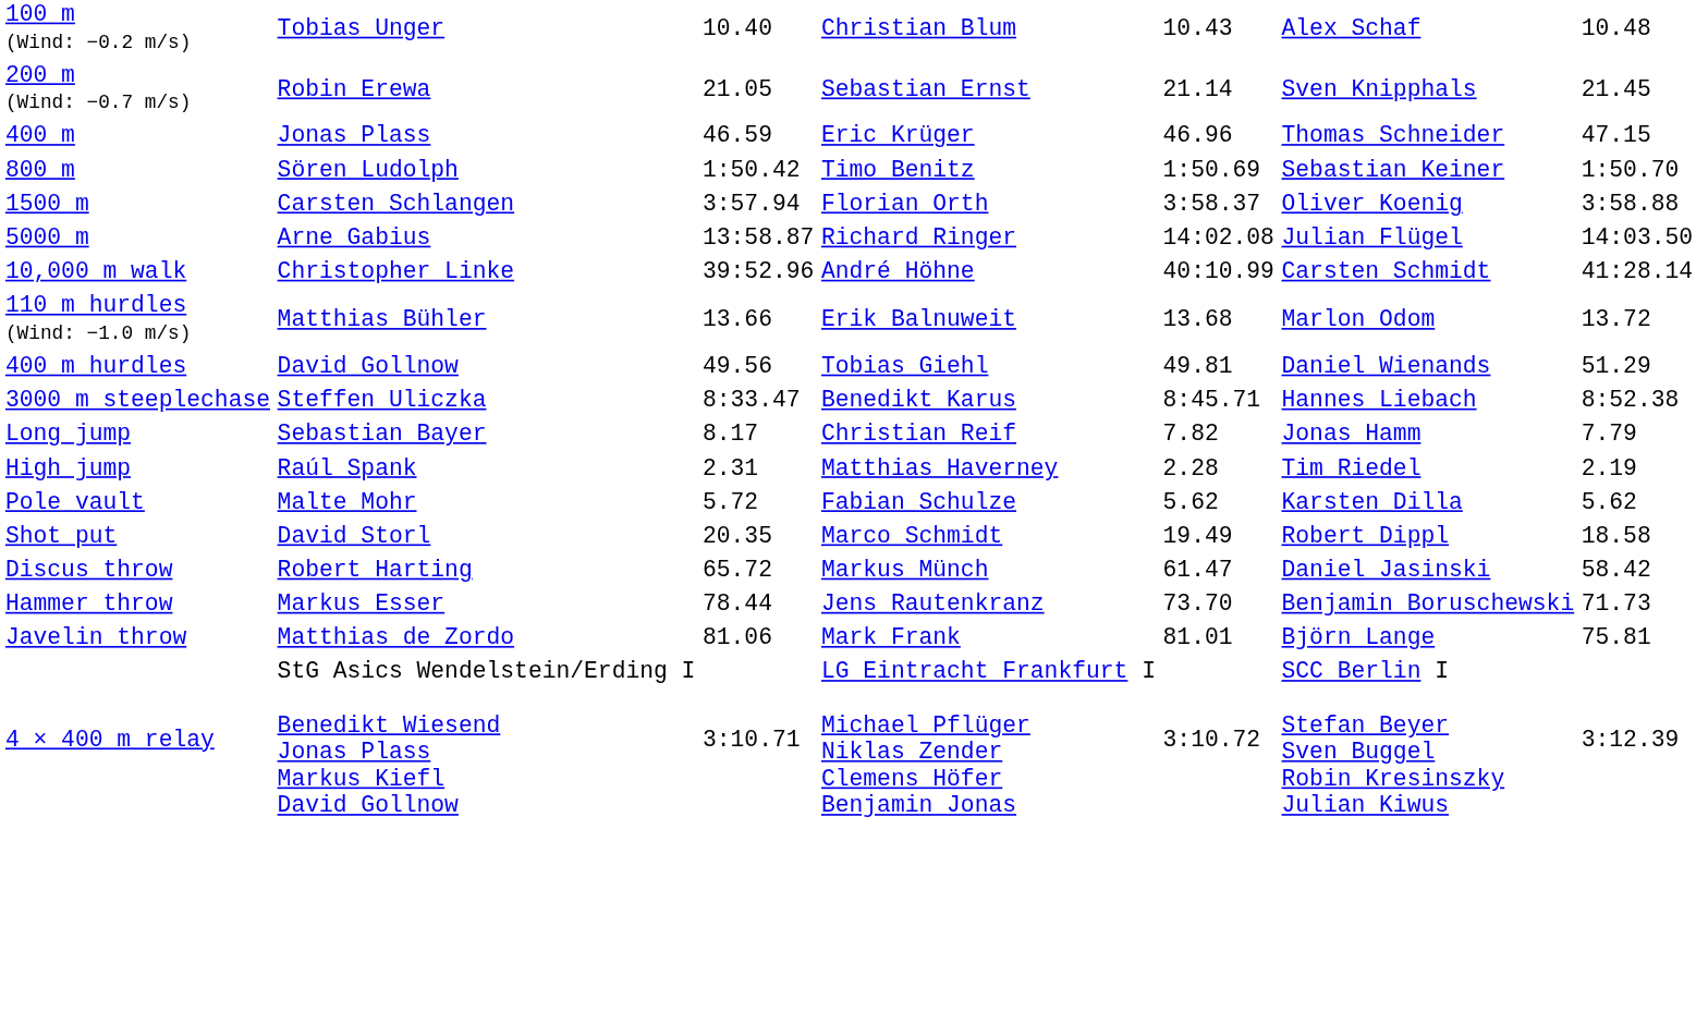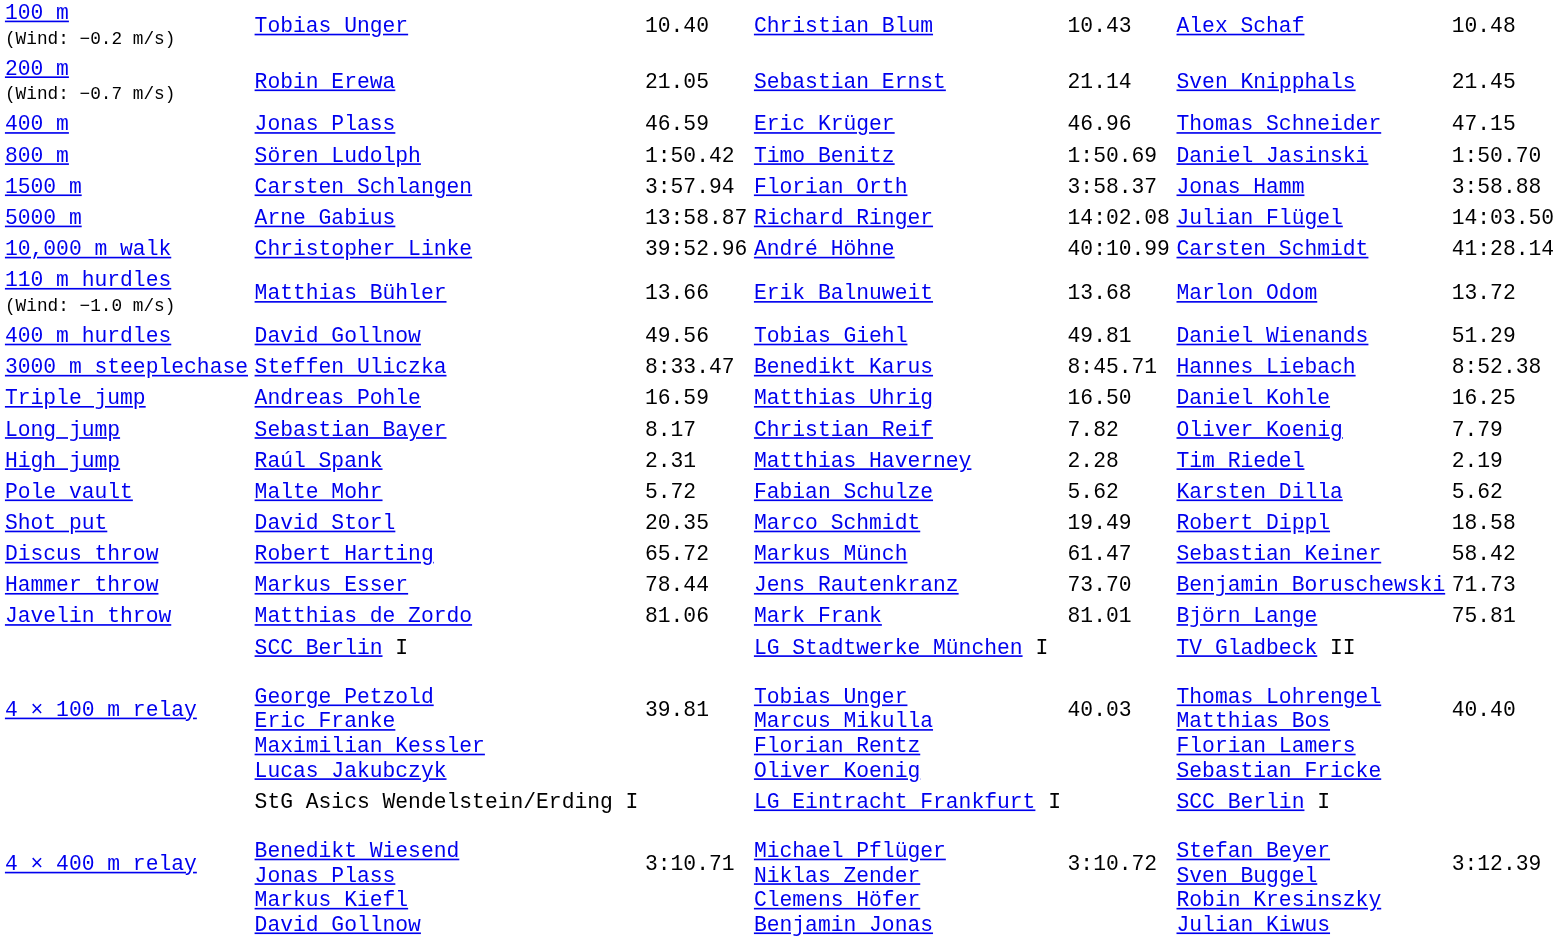 <table>
 <tr>
 <td><a href='#'>100 m</a><br><small>(Wind: −0.2 m/s)</small></td>
 <td><a href='#'>Tobias Unger</a></td>
 <td>10.40</td>
 <td><a href='#'>Christian Blum</a></td>
 <td>10.43</td>
 <td><a href='#'>Alex Schaf</a></td>
 <td>10.48</td>
 </tr>
 <tr>
 <td><a href='#'>200 m</a><br><small>(Wind: −0.7 m/s)</small></td>
 <td><a href='#'>Robin Erewa</a></td>
 <td>21.05</td>
 <td><a href='#'>Sebastian Ernst</a></td>
 <td>21.14</td>
 <td><a href='#'>Sven Knipphals</a></td>
 <td>21.45</td>
 </tr>
 <tr>
 <td><a href='#'>400 m</a></td>
 <td><a href='#'>Jonas Plass</a></td>
 <td>46.59</td>
 <td><a href='#'>Eric Krüger</a></td>
 <td>46.96</td>
 <td><a href='#'>Thomas Schneider</a></td>
 <td>47.15</td>
 </tr>
 <tr>
 <td><a href='#'>800 m</a></td>
 <td><a href='#'>Sören Ludolph</a></td>
 <td>1:50.42</td>
 <td><a href='#'>Timo Benitz</a></td>
 <td>1:50.69</td>
-<td><a href='#'>Sebastian Keiner</a></td>
+<td><a href='#'>Daniel Jasinski</a></td>
 <td>1:50.70</td>
 </tr>
 <tr>
 <td><a href='#'>1500 m</a></td>
 <td><a href='#'>Carsten Schlangen</a></td>
 <td>3:57.94</td>
 <td><a href='#'>Florian Orth</a></td>
 <td>3:58.37</td>
-<td><a href='#'>Oliver Koenig</a></td>
+<td><a href='#'>Jonas Hamm</a></td>
 <td>3:58.88</td>
 </tr>
 <tr>
 <td><a href='#'>5000 m</a></td>
 <td><a href='#'>Arne Gabius</a></td>
 <td>13:58.87</td>
 <td><a href='#'>Richard Ringer</a></td>
 <td>14:02.08</td>
 <td><a href='#'>Julian Flügel</a></td>
 <td>14:03.50</td>
 </tr>
 <tr>
 <td><a href='#'>10,000 m walk</a></td>
 <td><a href='#'>Christopher Linke</a></td>
 <td>39:52.96</td>
 <td><a href='#'>André Höhne</a></td>
 <td>40:10.99</td>
 <td><a href='#'>Carsten Schmidt</a></td>
 <td>41:28.14</td>
 </tr>
 <tr>
 <td><a href='#'>110 m hurdles</a><br><small>(Wind: −1.0 m/s)</small></td>
 <td><a href='#'>Matthias Bühler</a></td>
 <td>13.66</td>
 <td><a href='#'>Erik Balnuweit</a></td>
 <td>13.68</td>
 <td><a href='#'>Marlon Odom</a></td>
 <td>13.72</td>
 </tr>
 <tr>
 <td><a href='#'>400 m hurdles</a></td>
 <td><a href='#'>David Gollnow</a></td>
 <td>49.56</td>
 <td><a href='#'>Tobias Giehl</a></td>
 <td>49.81</td>
 <td><a href='#'>Daniel Wienands</a></td>
 <td>51.29</td>
 </tr>
 <tr>
 <td><a href='#'>3000 m steeplechase</a></td>
 <td><a href='#'>Steffen Uliczka</a></td>
 <td>8:33.47</td>
 <td><a href='#'>Benedikt Karus</a></td>
 <td>8:45.71</td>
 <td><a href='#'>Hannes Liebach</a></td>
 <td>8:52.38</td>
 </tr>
 <tr>
+<td><a href='#'>Triple jump</a></td>
+<td><a href='#'>Andreas Pohle</a></td>
+<td>16.59</td>
+<td><a href='#'>Matthias Uhrig</a></td>
+<td>16.50</td>
+<td><a href='#'>Daniel Kohle</a></td>
+<td>16.25</td>
+</tr>
+<tr>
 <td><a href='#'>Long jump</a></td>
 <td><a href='#'>Sebastian Bayer</a></td>
 <td>8.17</td>
 <td><a href='#'>Christian Reif</a></td>
 <td>7.82</td>
-<td><a href='#'>Jonas Hamm</a></td>
+<td><a href='#'>Oliver Koenig</a></td>
 <td>7.79</td>
 </tr>
 <tr>
 <td><a href='#'>High jump</a></td>
 <td><a href='#'>Raúl Spank</a></td>
 <td>2.31</td>
 <td><a href='#'>Matthias Haverney</a></td>
 <td>2.28</td>
 <td><a href='#'>Tim Riedel</a></td>
 <td>2.19</td>
 </tr>
 <tr>
 <td><a href='#'>Pole vault</a></td>
 <td><a href='#'>Malte Mohr</a></td>
 <td>5.72</td>
 <td><a href='#'>Fabian Schulze</a></td>
 <td>5.62</td>
 <td><a href='#'>Karsten Dilla</a></td>
 <td>5.62</td>
 </tr>
 <tr>
 <td><a href='#'>Shot put</a></td>
 <td><a href='#'>David Storl</a></td>
 <td>20.35</td>
 <td><a href='#'>Marco Schmidt</a></td>
 <td>19.49</td>
 <td><a href='#'>Robert Dippl</a></td>
 <td>18.58</td>
 </tr>
 <tr>
 <td><a href='#'>Discus throw</a></td>
 <td><a href='#'>Robert Harting</a></td>
 <td>65.72</td>
 <td><a href='#'>Markus Münch</a></td>
 <td>61.47</td>
-<td><a href='#'>Daniel Jasinski</a></td>
+<td><a href='#'>Sebastian Keiner</a></td>
 <td>58.42</td>
 </tr>
 <tr>
 <td><a href='#'>Hammer throw</a></td>
 <td><a href='#'>Markus Esser</a></td>
 <td>78.44</td>
 <td><a href='#'>Jens Rautenkranz</a></td>
 <td>73.70</td>
 <td><a href='#'>Benjamin Boruschewski</a></td>
 <td>71.73</td>
 </tr>
 <tr>
 <td><a href='#'>Javelin throw</a></td>
 <td><a href='#'>Matthias de Zordo</a></td>
 <td>81.06</td>
 <td><a href='#'>Mark Frank</a></td>
 <td>81.01</td>
 <td><a href='#'>Björn Lange</a></td>
 <td>75.81</td>
 </tr>
 <tr>
+<td><a href='#'>4 × 100 m relay</a></td>
+<td><a href='#'>SCC Berlin</a> I <br><br><a href='#'>George Petzold</a> <br> <a href='#'>Eric Franke</a> <br> <a href='#'>Maximilian Kessler</a> <br> <a href='#'>Lucas Jakubczyk</a></td>
+<td>39.81</td>
+<td><a href='#'>LG Stadtwerke München</a> I <br><br><a href='#'>Tobias Unger</a> <br> <a href='#'>Marcus Mikulla</a> <br> <a href='#'>Florian Rentz</a> <br> <a href='#'>Oliver Koenig</a></td>
+<td>40.03</td>
+<td><a href='#'>TV Gladbeck</a> II <br><br><a href='#'>Thomas Lohrengel</a> <br> <a href='#'>Matthias Bos</a> <br> <a href='#'>Florian Lamers</a> <br> <a href='#'>Sebastian Fricke</a></td>
+<td>40.40</td>
+</tr>
+<tr>
 <td><a href='#'>4 × 400 m relay</a></td>
 <td>StG Asics Wendelstein/Erding I <br><br><a href='#'>Benedikt Wiesend</a> <br> <a href='#'>Jonas Plass</a> <br> <a href='#'>Markus Kiefl</a> <br> <a href='#'>David Gollnow</a></td>
 <td>3:10.71</td>
 <td><a href='#'>LG Eintracht Frankfurt</a> I <br><br><a href='#'>Michael Pflüger</a> <br> <a href='#'>Niklas Zender</a> <br> <a href='#'>Clemens Höfer</a> <br> <a href='#'>Benjamin Jonas</a></td>
 <td>3:10.72</td>
 <td><a href='#'>SCC Berlin</a> I <br><br><a href='#'>Stefan Beyer</a> <br> <a href='#'>Sven Buggel</a> <br> <a href='#'>Robin Kresinszky</a> <br> <a href='#'>Julian Kiwus</a></td>
 <td>3:12.39</td>
 </tr>
 </table>
